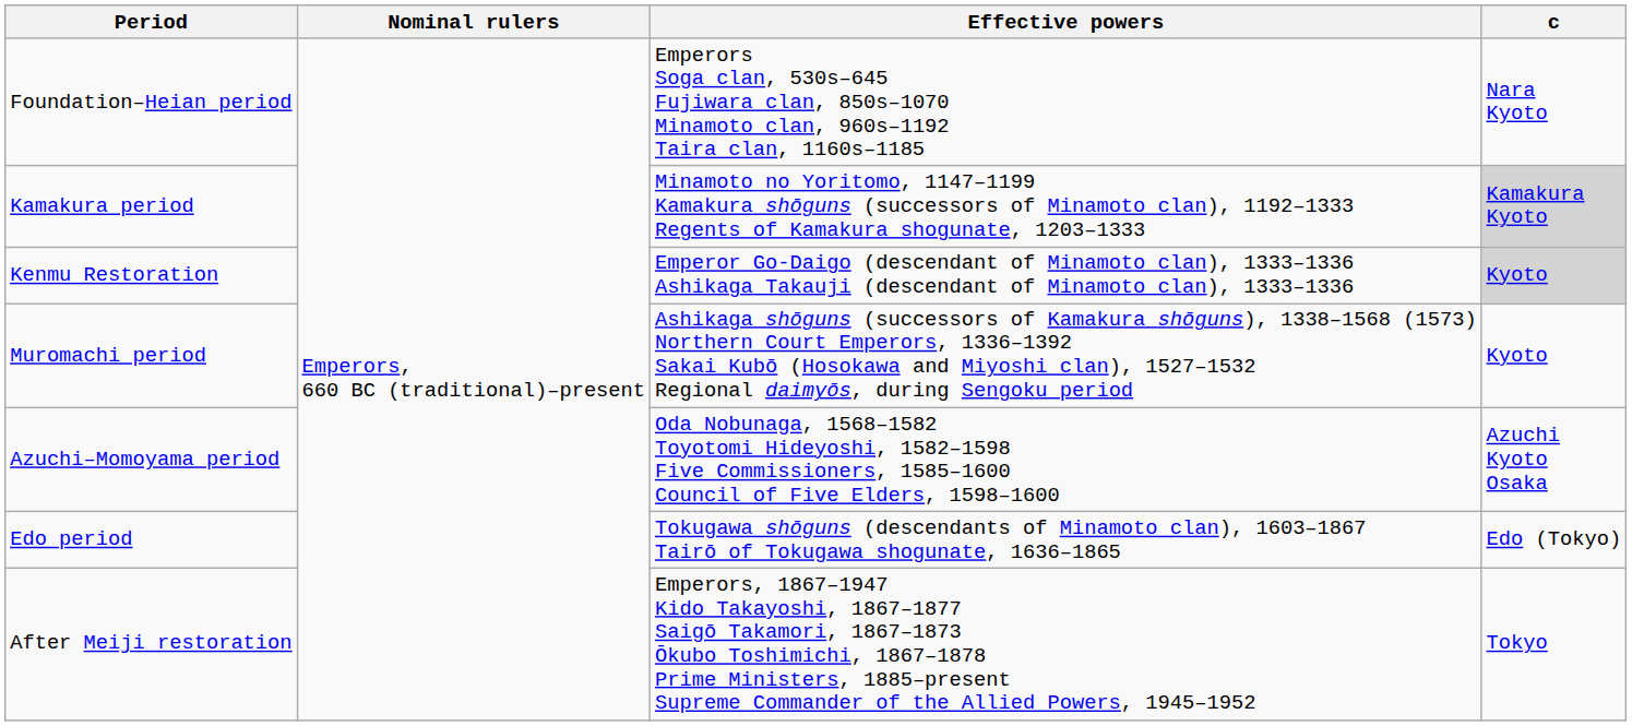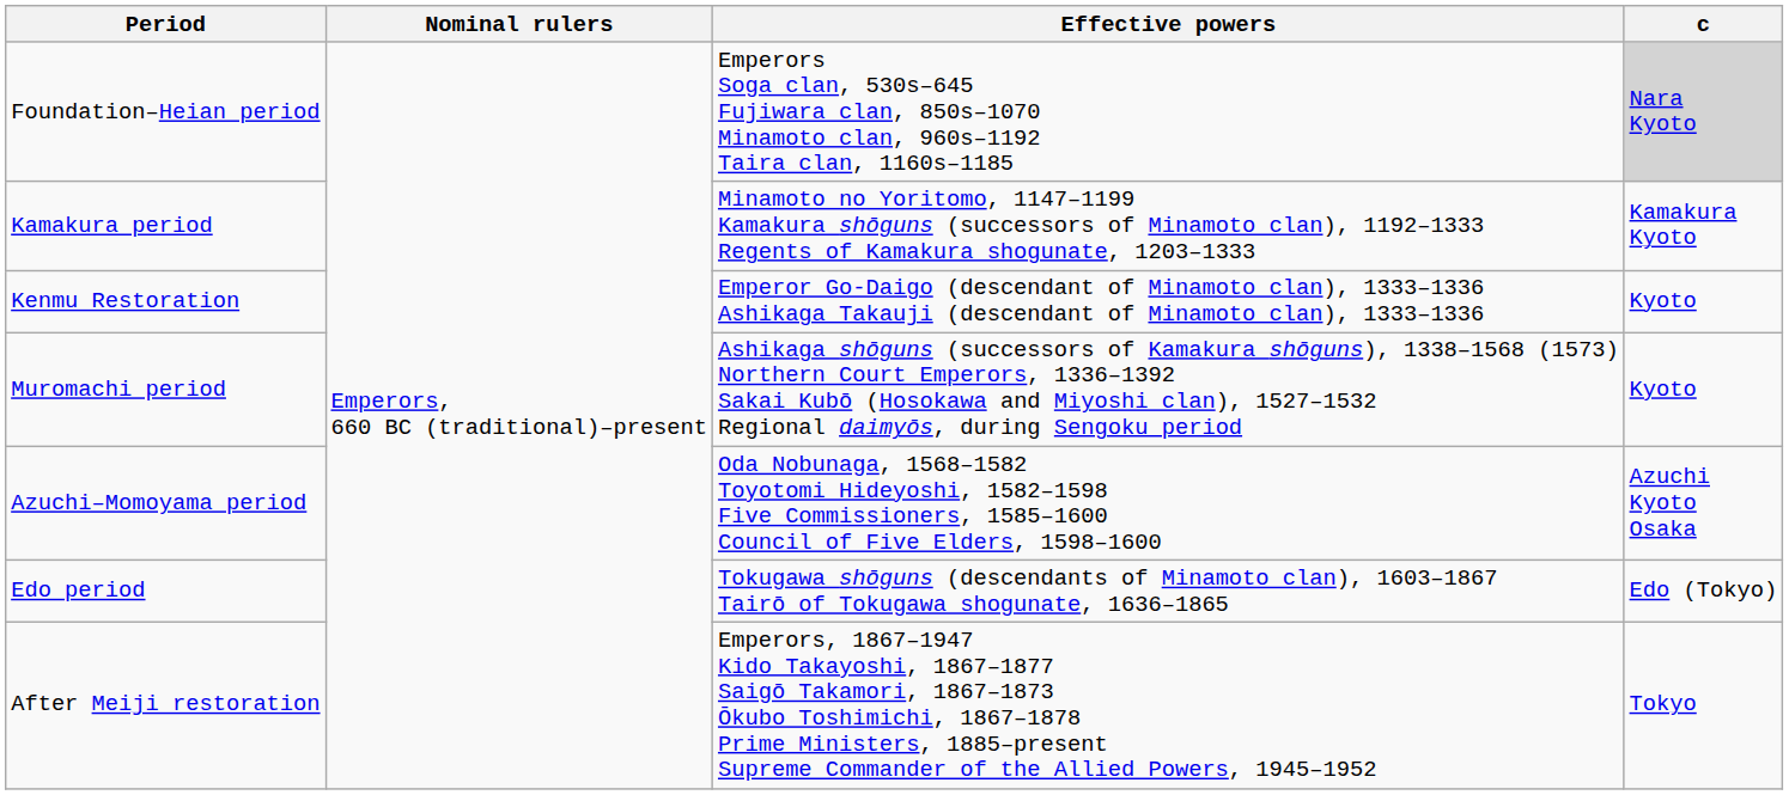 <table class="wikitable">
 <tr>
 <th>Period</th>
 <th>Nominal rulers</th>
 <th>Effective powers</th>
 <th>c</th>
 </tr>
 <tr>
 <td>Foundation–<a href='#'>Heian period</a></td>
 <td rowspan="11"><a href='#'>Emperors</a>,<br>660 BC (traditional)–present</td>
 <td>Emperors<br><a href='#'>Soga clan</a>, 530s–645<br><a href='#'>Fujiwara clan</a>, 850s–1070<br><a href='#'>Minamoto clan</a>, 960s–1192<br><a href='#'>Taira clan</a>, 1160s–1185</td>
-<td><a href='#'>Nara</a><br><a href='#'>Kyoto</a></td>
+<td style="background: lightgrey;"><a href='#'>Nara</a><br><a href='#'>Kyoto</a></td>
 </tr>
 <tr>
 <td><a href='#'>Kamakura period</a></td>
 <td><a href='#'>Minamoto no Yoritomo</a>, 1147–1199<br><a href='#'>Kamakura <em>shōguns</em></a> (successors of <a href='#'>Minamoto clan</a>), 1192–1333<br><a href='#'>Regents of Kamakura shogunate</a>, 1203–1333</td>
-<td style="background: lightgrey;"><a href='#'>Kamakura</a><br><a href='#'>Kyoto</a></td>
+<td><a href='#'>Kamakura</a><br><a href='#'>Kyoto</a></td>
 </tr>
 <tr>
 <td><a href='#'>Kenmu Restoration</a></td>
 <td><a href='#'>Emperor Go-Daigo</a> (descendant of <a href='#'>Minamoto clan</a>), 1333–1336<br><a href='#'>Ashikaga Takauji</a> (descendant of <a href='#'>Minamoto clan</a>), 1333–1336</td>
-<td style="background: lightgrey;"><a href='#'>Kyoto</a></td>
+<td><a href='#'>Kyoto</a></td>
 </tr>
 <tr>
 <td><a href='#'>Muromachi period</a></td>
 <td><a href='#'>Ashikaga <em>shōguns</em></a> (successors of <a href='#'>Kamakura <em>shōguns</em></a>), 1338–1568 (1573)<br><a href='#'>Northern Court Emperors</a>, 1336–1392<br><a href='#'>Sakai Kubō</a> (<a href='#'>Hosokawa</a> and <a href='#'>Miyoshi clan</a>), 1527–1532<br>Regional <em><a href='#'>daimyōs</a></em>, during <a href='#'>Sengoku period</a></td>
 <td><a href='#'>Kyoto</a></td>
 </tr>
 <tr>
 <td><a href='#'>Azuchi–Momoyama period</a></td>
 <td><a href='#'>Oda Nobunaga</a>, 1568–1582<br><a href='#'>Toyotomi Hideyoshi</a>, 1582–1598<br><a href='#'>Five Commissioners</a>, 1585–1600<br><a href='#'>Council of Five Elders</a>, 1598–1600</td>
 <td><a href='#'>Azuchi</a><br><a href='#'>Kyoto</a><br><a href='#'>Osaka</a></td>
 </tr>
 <tr>
 <td><a href='#'>Edo period</a></td>
 <td><a href='#'>Tokugawa <em>shōguns</em></a> (descendants of <a href='#'>Minamoto clan</a>), 1603–1867<br><a href='#'>Tairō of Tokugawa shogunate</a>, 1636–1865</td>
 <td><a href='#'>Edo</a> (Tokyo)</td>
 </tr>
 <tr>
 <td>After <a href='#'>Meiji restoration</a></td>
 <td>Emperors, 1867–1947<br><a href='#'>Kido Takayoshi</a>, 1867–1877<br><a href='#'>Saigō Takamori</a>, 1867–1873<br><a href='#'>Ōkubo Toshimichi</a>, 1867–1878<br><a href='#'>Prime Ministers</a>, 1885–present<br><a href='#'>Supreme Commander of the Allied Powers</a>, 1945–1952</td>
 <td><a href='#'>Tokyo</a></td>
 </tr>
 </table>
